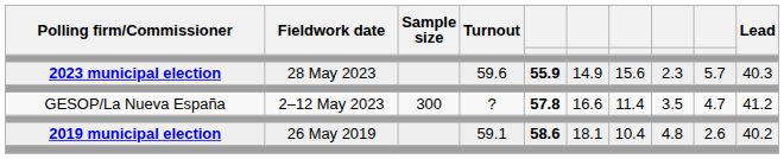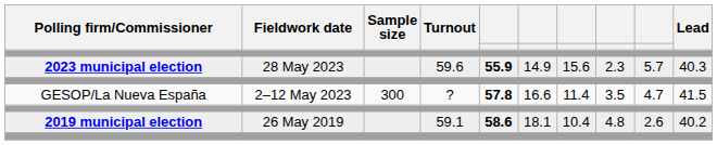 <table class="wikitable collapsible collapsed" style="text-align:center; font-size:95%; line-height:16px;">
 <tr style="height:42px;">
 <th style="width:250px;" rowspan="2">Polling firm/Commissioner</th>
 <th style="width:125px;" rowspan="2">Fieldwork date</th>
 <th style="width:50px;" rowspan="2">Sample size</th>
 <th style="width:45px;" rowspan="2">Turnout</th>
 <th style="width:35px;"></th>
 <th style="width:35px;"></th>
 <th style="width:35px;"></th>
 <th style="width:35px;"></th>
 <th style="width:35px;"></th>
 <th style="width:30px;" rowspan="2">Lead</th>
 </tr>
 <tr>
 <th style="color:inherit;background:"></th>
 <th style="color:inherit;background:"></th>
 <th style="color:inherit;background:"></th>
 <th style="color:inherit;background:"></th>
 <th style="color:inherit;background:"></th>
 </tr>
 <tr>
 <td colspan="13" style="background:#A0A0A0"></td>
 </tr>
 <tr style="background:#EFEFEF;">
 <td><strong><a href='#'>2023 municipal election</a></strong></td>
 <td>28 May 2023</td>
 <td></td>
 <td>59.6</td>
 <td><strong>55.9</strong><br></td>
 <td>14.9<br></td>
 <td>15.6<br></td>
 <td>2.3<br></td>
 <td>5.7<br></td>
 <td style="background:">40.3</td>
 </tr>
 <tr>
 <td colspan="13" style="background:#A0A0A0"></td>
 </tr>
 <tr>
 <td>GESOP/La Nueva España</td>
 <td>2–12 May 2023</td>
 <td>300</td>
 <td>?</td>
 <td><strong>57.8</strong><br></td>
 <td>16.6<br></td>
 <td>11.4<br></td>
 <td>3.5<br></td>
 <td>4.7<br></td>
-<td style="background:">41.2</td>
+<td style="background:">41.5</td>
 </tr>
 <tr>
 <td colspan="13" style="background:#A0A0A0"></td>
 </tr>
 <tr style="background:#EFEFEF;">
 <td><strong><a href='#'>2019 municipal election</a></strong></td>
 <td>26 May 2019</td>
 <td></td>
 <td>59.1</td>
 <td><strong>58.6</strong><br></td>
 <td>18.1<br></td>
 <td>10.4<br></td>
 <td>4.8<br></td>
 <td>2.6<br></td>
 <td style="background:">40.2</td>
 </tr>
 <tr>
 <td colspan="13" style="background:#A0A0A0"></td>
 </tr>
 </table>
